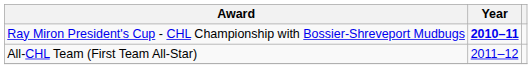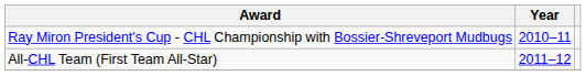 <table class="wikitable">
 <tr>
 <th>Award</th>
 <th>Year</th>
 <th></th>
 </tr>
 <tr>
 <td><a href='#'>Ray Miron President's Cup</a> - <a href='#'>CHL</a> Championship with <a href='#'>Bossier-Shreveport Mudbugs</a></td>
-<td><strong><a href='#'>2010–11</a></strong></td>
+<td><a href='#'>2010–11</a></td>
 <td></td>
 </tr>
 <tr>
 <td>All-<a href='#'>CHL</a> Team (First Team All-Star)</td>
 <td><a href='#'>2011–12</a></td>
 <td></td>
 </tr>
 <tr>
 </tr>
 </table>
